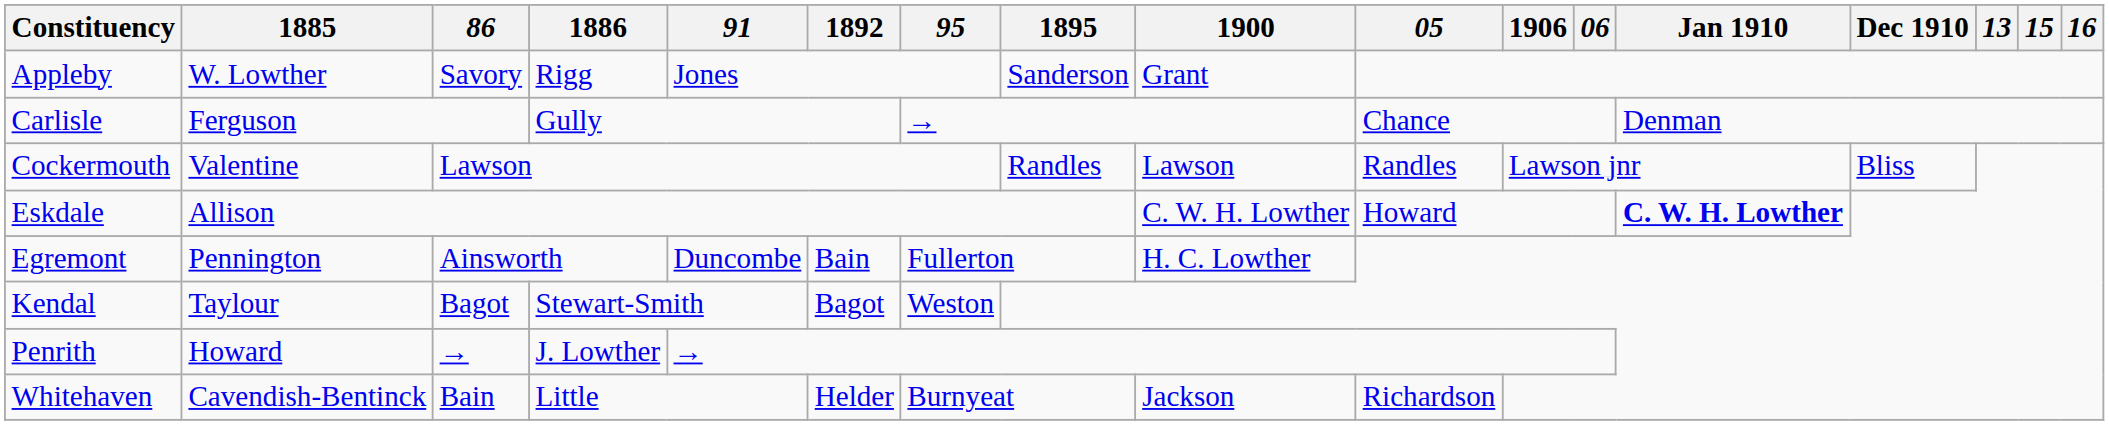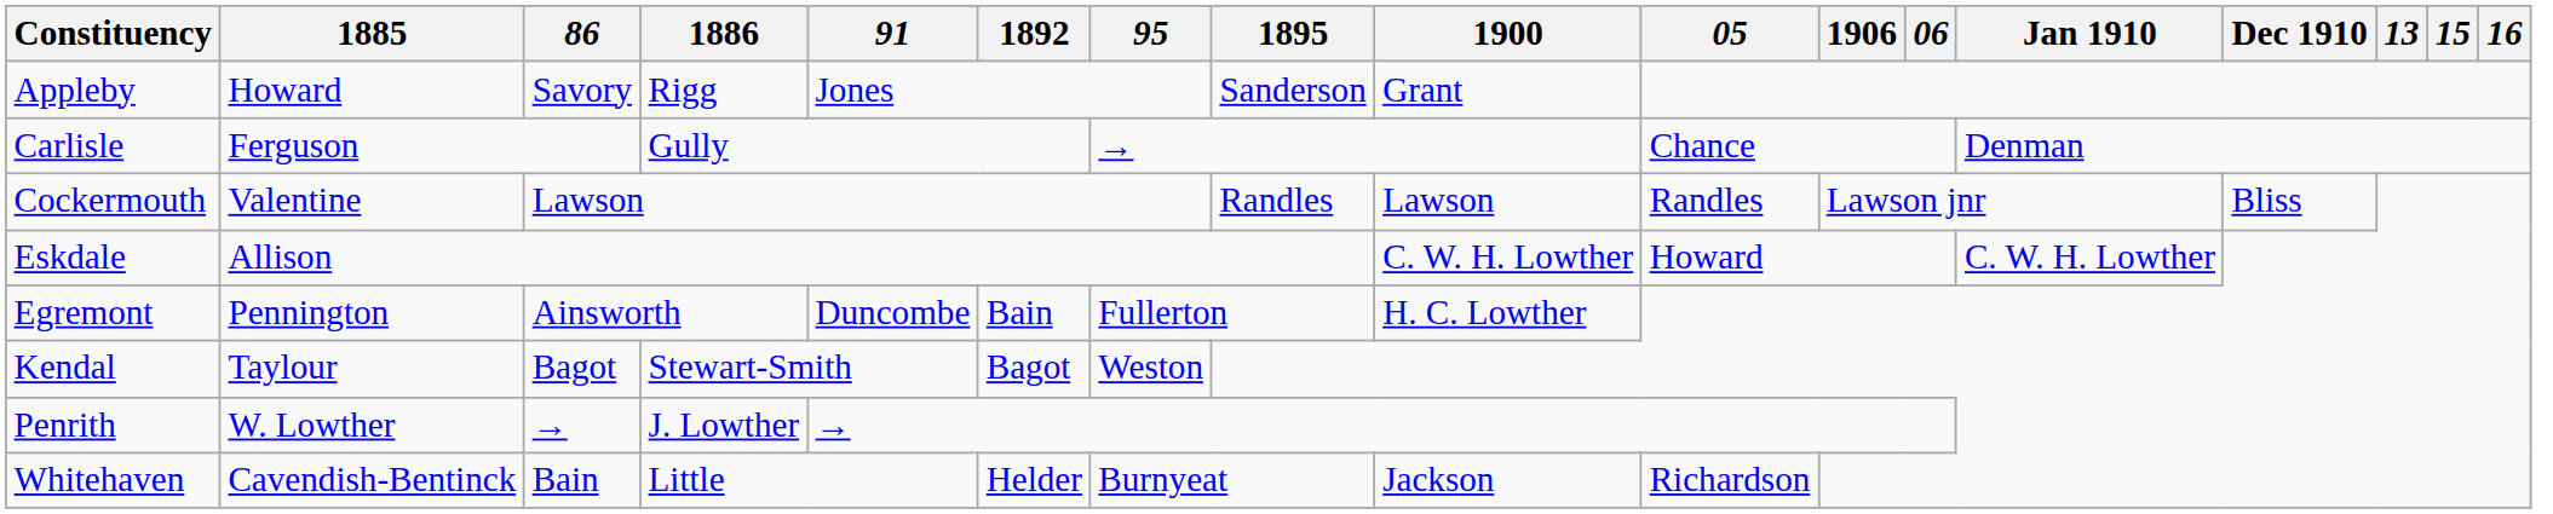 <table class="wikitable">
 <tr>
 <th>Constituency</th>
 <th>1885</th>
 <th><em>86</em></th>
 <th>1886</th>
 <th><em>91</em></th>
 <th>1892</th>
 <th><em>95</em></th>
 <th>1895</th>
 <th>1900</th>
 <th><em>05</em></th>
 <th>1906</th>
 <th><em>06</em></th>
 <th>Jan 1910</th>
 <th>Dec 1910</th>
 <th><em>13</em></th>
 <th><em>15</em></th>
 <th><em>16</em></th>
 </tr>
 <tr>
 <td><a href='#'>Appleby</a></td>
-<td><a href='#'>W. Lowther</a></td>
+<td><a href='#'>Howard</a></td>
 <td><a href='#'>Savory</a></td>
 <td><a href='#'>Rigg</a></td>
 <td colspan="3"><a href='#'>Jones</a></td>
 <td><a href='#'>Sanderson</a></td>
 <td><a href='#'>Grant</a></td>
 </tr>
 <tr>
 <td><a href='#'>Carlisle</a></td>
 <td colspan="2"><a href='#'>Ferguson</a></td>
 <td colspan="3"><a href='#'>Gully</a></td>
 <td colspan="3"><a href='#'>→</a></td>
 <td colspan="3"><a href='#'>Chance</a></td>
 <td colspan="5"><a href='#'>Denman</a></td>
 </tr>
 <tr>
 <td><a href='#'>Cockermouth</a></td>
 <td><a href='#'>Valentine</a></td>
 <td colspan="5"><a href='#'>Lawson</a></td>
 <td><a href='#'>Randles</a></td>
 <td><a href='#'>Lawson</a></td>
 <td><a href='#'>Randles</a></td>
 <td colspan="3"><a href='#'>Lawson jnr</a></td>
 <td><a href='#'>Bliss</a></td>
 </tr>
 <tr>
 <td><a href='#'>Eskdale</a></td>
 <td colspan="7"><a href='#'>Allison</a></td>
 <td><a href='#'>C. W. H. Lowther</a></td>
 <td colspan="3"><a href='#'>Howard</a></td>
-<td><strong><a href='#'>C. W. H. Lowther</a></strong></td>
+<td><a href='#'>C. W. H. Lowther</a></td>
 </tr>
 <tr>
 <td><a href='#'>Egremont</a></td>
 <td><a href='#'>Pennington</a></td>
 <td colspan="2"><a href='#'>Ainsworth</a></td>
 <td><a href='#'>Duncombe</a></td>
 <td><a href='#'>Bain</a></td>
 <td colspan="2"><a href='#'>Fullerton</a></td>
 <td><a href='#'>H. C. Lowther</a></td>
 </tr>
 <tr>
 <td><a href='#'>Kendal</a></td>
 <td><a href='#'>Taylour</a></td>
 <td><a href='#'>Bagot</a></td>
 <td colspan="2"><a href='#'>Stewart-Smith</a></td>
 <td><a href='#'>Bagot</a></td>
 <td><a href='#'>Weston</a></td>
 </tr>
 <tr>
 <td><a href='#'>Penrith</a></td>
-<td><a href='#'>Howard</a></td>
+<td><a href='#'>W. Lowther</a></td>
 <td><a href='#'>→</a></td>
 <td><a href='#'>J. Lowther</a></td>
 <td colspan="8"><a href='#'>→</a></td>
 </tr>
 <tr>
 <td><a href='#'>Whitehaven</a></td>
 <td><a href='#'>Cavendish-Bentinck</a></td>
 <td><a href='#'>Bain</a></td>
 <td colspan="2"><a href='#'>Little</a></td>
 <td><a href='#'>Helder</a></td>
 <td colspan="2"><a href='#'>Burnyeat</a></td>
 <td><a href='#'>Jackson</a></td>
 <td><a href='#'>Richardson</a></td>
 </tr>
 </table>
